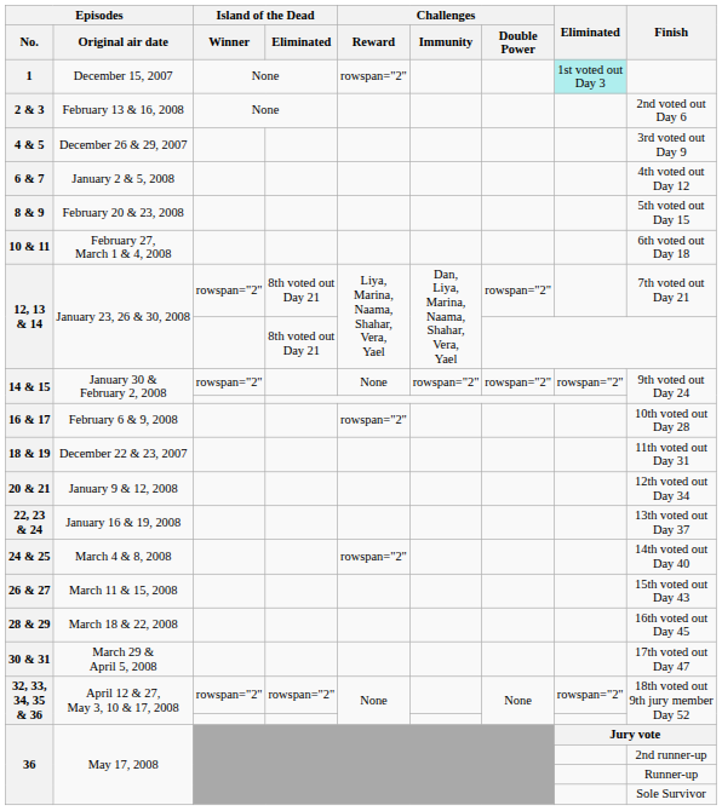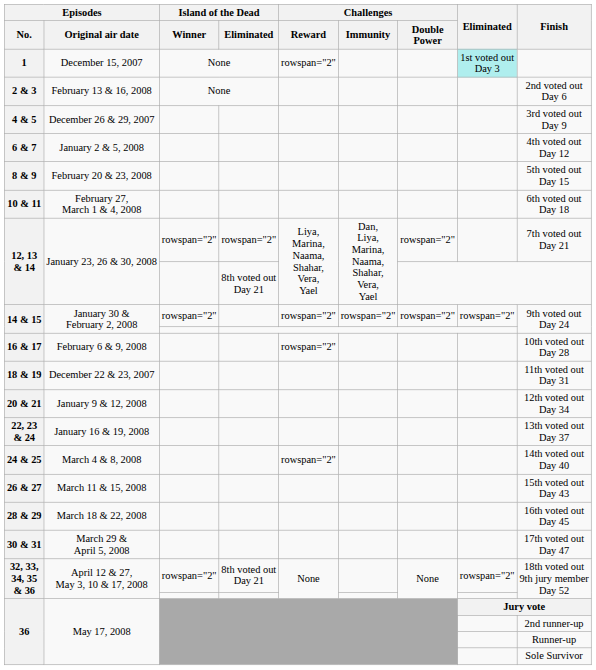 <table class="wikitable nowrap" style="margin:auto; text-align:center">
 <tr>
 <th colspan=2>Episodes</th>
 <th colspan="2">Island of the Dead</th>
 <th colspan="3">Challenges</th>
 <th rowspan="2">Eliminated</th>
 <th rowspan="2">Finish</th>
 </tr>
 <tr>
 <th>No.</th>
 <th>Original air date</th>
 <th>Winner</th>
 <th>Eliminated</th>
 <th>Reward</th>
 <th>Immunity</th>
 <th>Double<br>Power</th>
 </tr>
 <tr>
 <th>1</th>
 <td>December 15, 2007</td>
 <td colspan="2">None</td>
 <td>rowspan="2" </td>
 <td></td>
 <td></td>
 <td style="background: paleturquoise;">1st voted out<br>Day 3</td>
 </tr>
 <tr>
 <th>2 & 3</th>
 <td>February 13 & 16, 2008</td>
 <td colspan="2">None</td>
 <td></td>
 <td></td>
 <td></td>
 <td></td>
 <td>2nd voted out<br>Day 6</td>
 </tr>
 <tr>
 <th>4 & 5</th>
 <td>December 26 & 29, 2007</td>
 <td></td>
 <td></td>
 <td></td>
 <td></td>
 <td></td>
 <td></td>
 <td>3rd voted out<br>Day 9</td>
 </tr>
 <tr>
 <th>6 & 7</th>
 <td>January 2 & 5, 2008</td>
 <td></td>
 <td></td>
 <td></td>
 <td></td>
 <td></td>
 <td></td>
 <td>4th voted out<br>Day 12</td>
 </tr>
 <tr>
 <th>8 & 9</th>
 <td>February 20 & 23, 2008</td>
 <td></td>
 <td></td>
 <td></td>
 <td></td>
 <td></td>
 <td></td>
 <td>5th voted out<br>Day 15</td>
 </tr>
 <tr>
 <th>10 & 11</th>
 <td>February 27, <br>March 1 & 4, 2008</td>
 <td></td>
 <td></td>
 <td></td>
 <td></td>
 <td></td>
 <td></td>
 <td>6th voted out<br>Day 18</td>
 </tr>
 <tr>
 <th rowspan="2">12, 13 <br>& 14</th>
 <td rowspan="2">January 23, 26 & 30, 2008</td>
 <td>rowspan="2" </td>
-<td>8th voted out<br>Day 21</td>
+<td>rowspan="2" </td>
 <td rowspan="2"><span>Liya</span>,<br><span>Marina</span>,<br><span>Naama</span>,<br><span>Shahar</span>,<br><span>Vera</span>,<br><span>Yael</span></td>
 <td rowspan="2"><span>Dan</span>,<br><span>Liya</span>,<br><span>Marina</span>,<br><span>Naama</span>,<br><span>Shahar</span>,<br><span>Vera</span>,<br><span>Yael</span></td>
 <td>rowspan="2" </td>
 <td></td>
 <td>7th voted out<br>Day 21</td>
 </tr>
 <tr>
 <td></td>
 <td>8th voted out<br>Day 21</td>
 </tr>
 <tr>
 <th rowspan="2">14 & 15</th>
 <td rowspan="2">January 30 & <br>February 2, 2008</td>
 <td>rowspan="2" </td>
 <td></td>
-<td>None</td>
+<td>rowspan="2" </td>
 <td>rowspan="2" </td>
 <td>rowspan="2" </td>
 <td>rowspan="2" </td>
 <td rowspan="2">9th voted out<br>Day 24</td>
 </tr>
 <tr>
 <td></td>
 </tr>
 <tr>
 <th>16 & 17</th>
 <td>February 6 & 9, 2008</td>
 <td></td>
 <td></td>
 <td>rowspan="2" </td>
 <td></td>
 <td></td>
 <td></td>
 <td>10th voted out<br>Day 28</td>
 </tr>
 <tr>
 <th>18 & 19</th>
 <td>December 22 & 23, 2007</td>
 <td></td>
 <td></td>
 <td></td>
 <td></td>
 <td></td>
 <td></td>
 <td>11th voted out<br>Day 31</td>
 </tr>
 <tr>
 <th>20 & 21</th>
 <td>January 9 & 12, 2008</td>
 <td></td>
 <td></td>
 <td></td>
 <td></td>
 <td></td>
 <td></td>
 <td>12th voted out<br>Day 34</td>
 </tr>
 <tr>
 <th>22, 23 <br>& 24</th>
 <td>January 16 & 19, 2008</td>
 <td></td>
 <td></td>
 <td></td>
 <td></td>
 <td></td>
 <td></td>
 <td>13th voted out<br>Day 37</td>
 </tr>
 <tr>
 <th>24 & 25</th>
 <td>March 4 & 8, 2008</td>
 <td></td>
 <td></td>
 <td>rowspan="2" </td>
 <td></td>
 <td></td>
 <td></td>
 <td>14th voted out<br>Day 40</td>
 </tr>
 <tr>
 <th>26 & 27</th>
 <td>March 11 & 15, 2008</td>
 <td></td>
 <td></td>
 <td></td>
 <td></td>
 <td></td>
 <td></td>
 <td>15th voted out<br>Day 43</td>
 </tr>
 <tr>
 <th>28 & 29</th>
 <td>March 18 & 22, 2008</td>
 <td></td>
 <td></td>
 <td></td>
 <td></td>
 <td></td>
 <td></td>
 <td>16th voted out<br>Day 45</td>
 </tr>
 <tr>
 <th>30 & 31</th>
 <td>March 29 & <br>April 5, 2008</td>
 <td></td>
 <td></td>
 <td></td>
 <td></td>
 <td></td>
 <td></td>
 <td>17th voted out<br>Day 47</td>
 </tr>
 <tr>
 <th rowspan="2">32, 33, <br> 34, 35 <br>& 36</th>
 <td rowspan="2">April 12 & 27,<br>May 3, 10 & 17, 2008</td>
 <td>rowspan="2" </td>
-<td>rowspan="2" </td>
+<td>8th voted out<br>Day 21</td>
 <td rowspan="2" align="center">None</td>
 <td></td>
 <td rowspan="2" align="center">None</td>
 <td>rowspan="2" </td>
 <td rowspan="2">18th voted out<br>9th jury member<br>Day 52</td>
 </tr>
 <tr>
 <td></td>
 </tr>
 <tr>
 <th rowspan="4">36</th>
 <td rowspan="4">May 17, 2008</td>
 <td colspan="5"  rowspan="4" bgcolor=darkgray></td>
 <th colspan="2">Jury vote</th>
 </tr>
 <tr>
 <td></td>
 <td align="center">2nd runner-up</td>
 </tr>
 <tr>
 <td></td>
 <td align="center">Runner-up</td>
 </tr>
 <tr>
 <td></td>
 <td align="center">Sole Survivor</td>
 </tr>
 </table>
